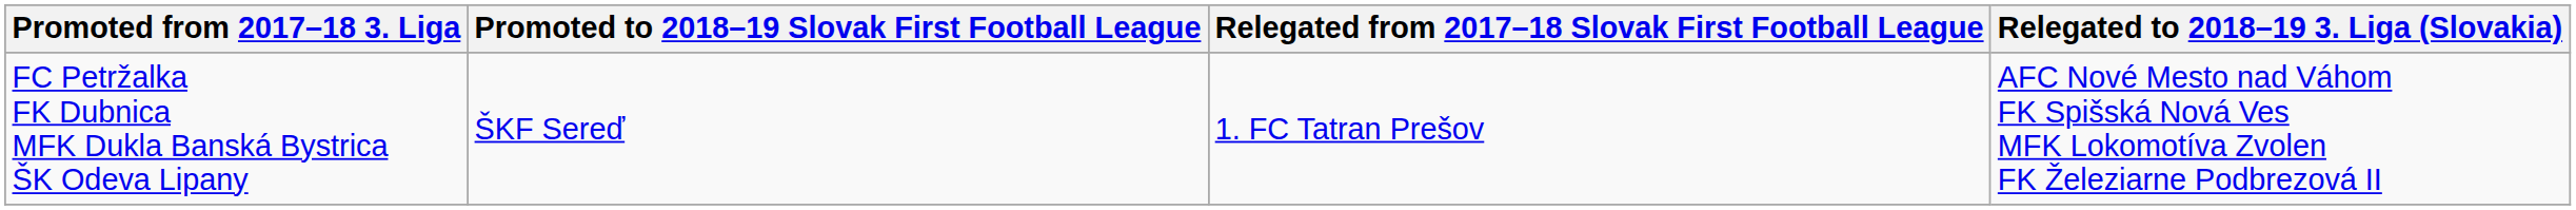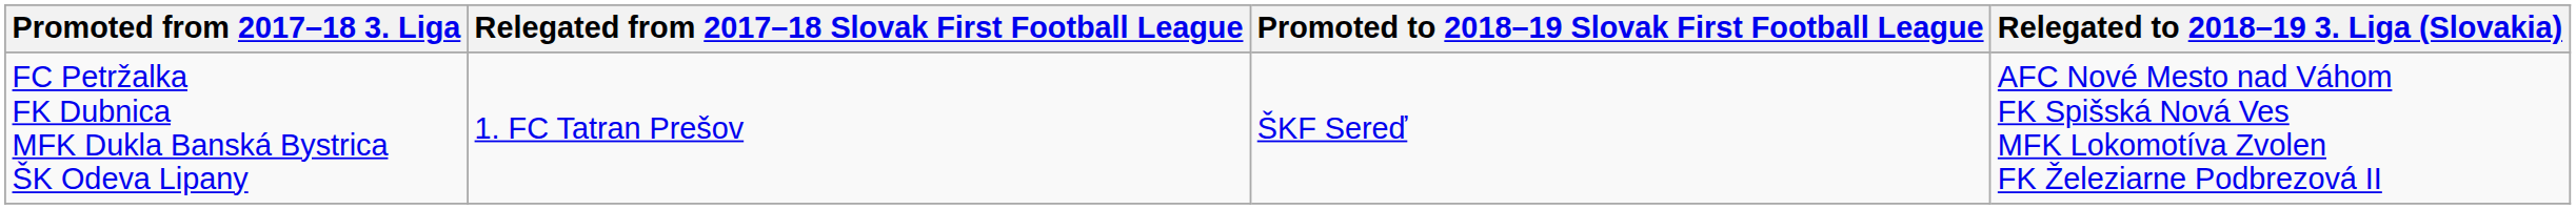 <table class="wikitable">
 <tr>
 <th>Promoted from <a href='#'>2017–18 3. Liga</a></th>
+<th>Relegated from <a href='#'>2017–18 Slovak First Football League</a></th>
 <th>Promoted to <a href='#'>2018–19 Slovak First Football League</a></th>
-<th>Relegated from <a href='#'>2017–18 Slovak First Football League</a></th>
 <th>Relegated to <a href='#'>2018–19 3. Liga (Slovakia)</a></th>
 </tr>
 <tr>
 <td><a href='#'>FC Petržalka</a><br><a href='#'>FK Dubnica</a><br><a href='#'>MFK Dukla Banská Bystrica</a><br><a href='#'>ŠK Odeva Lipany</a></td>
+<td><a href='#'>1. FC Tatran Prešov</a></td>
 <td><a href='#'>ŠKF Sereď</a></td>
-<td><a href='#'>1. FC Tatran Prešov</a></td>
 <td><a href='#'>AFC Nové Mesto nad Váhom</a><br><a href='#'>FK Spišská Nová Ves</a><br><a href='#'>MFK Lokomotíva Zvolen</a><br><a href='#'>FK Železiarne Podbrezová II</a></td>
 </tr>
 </table>
